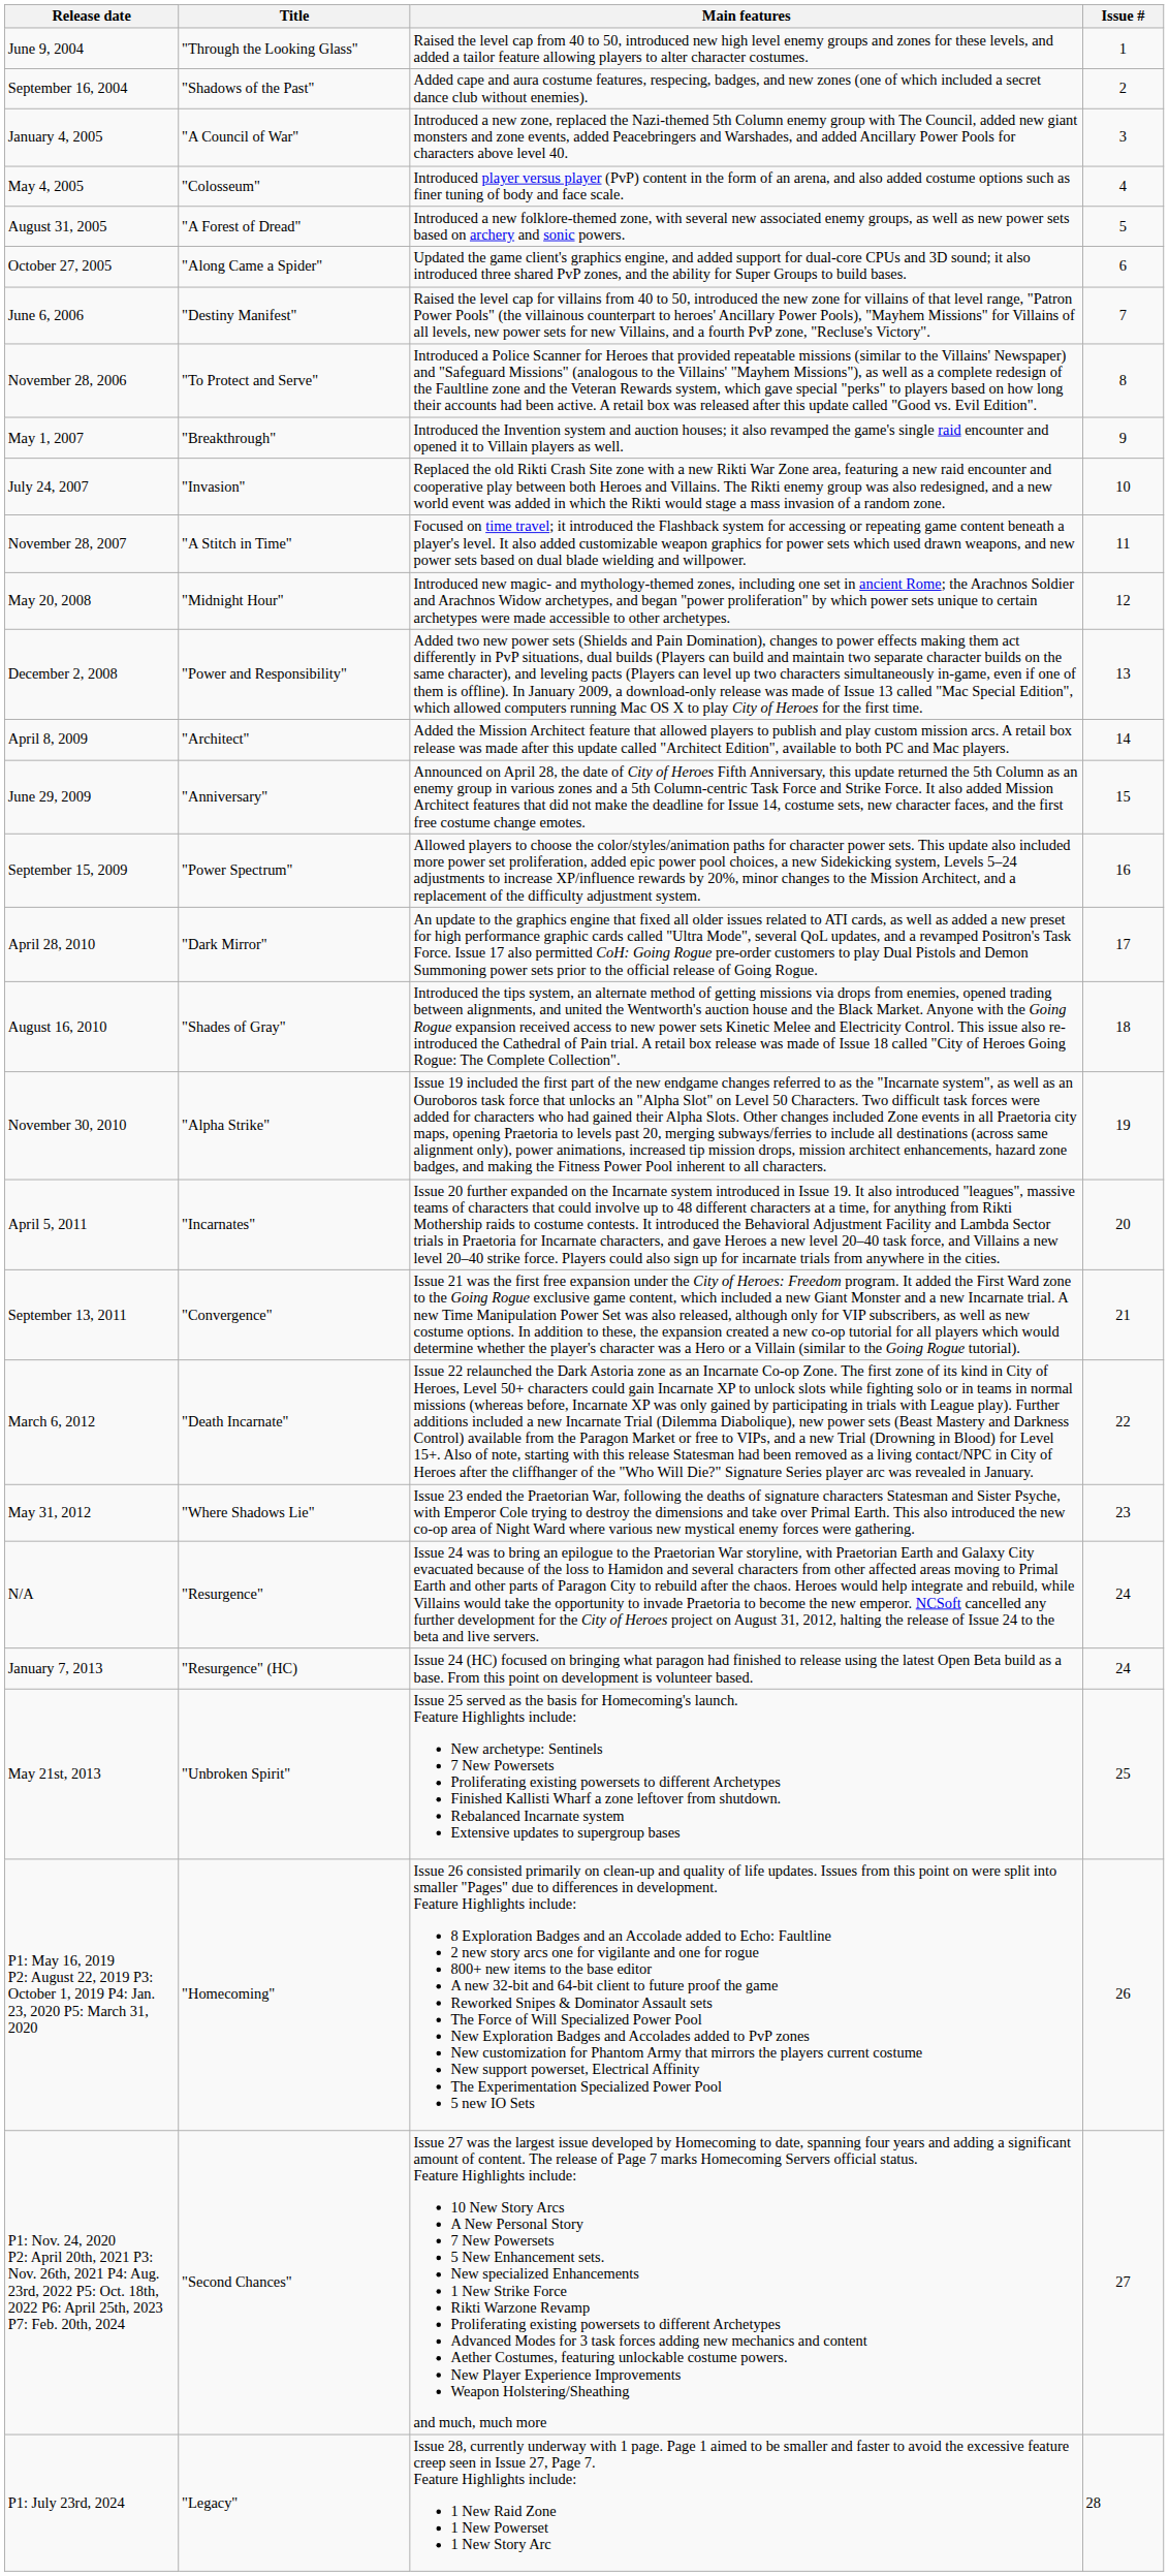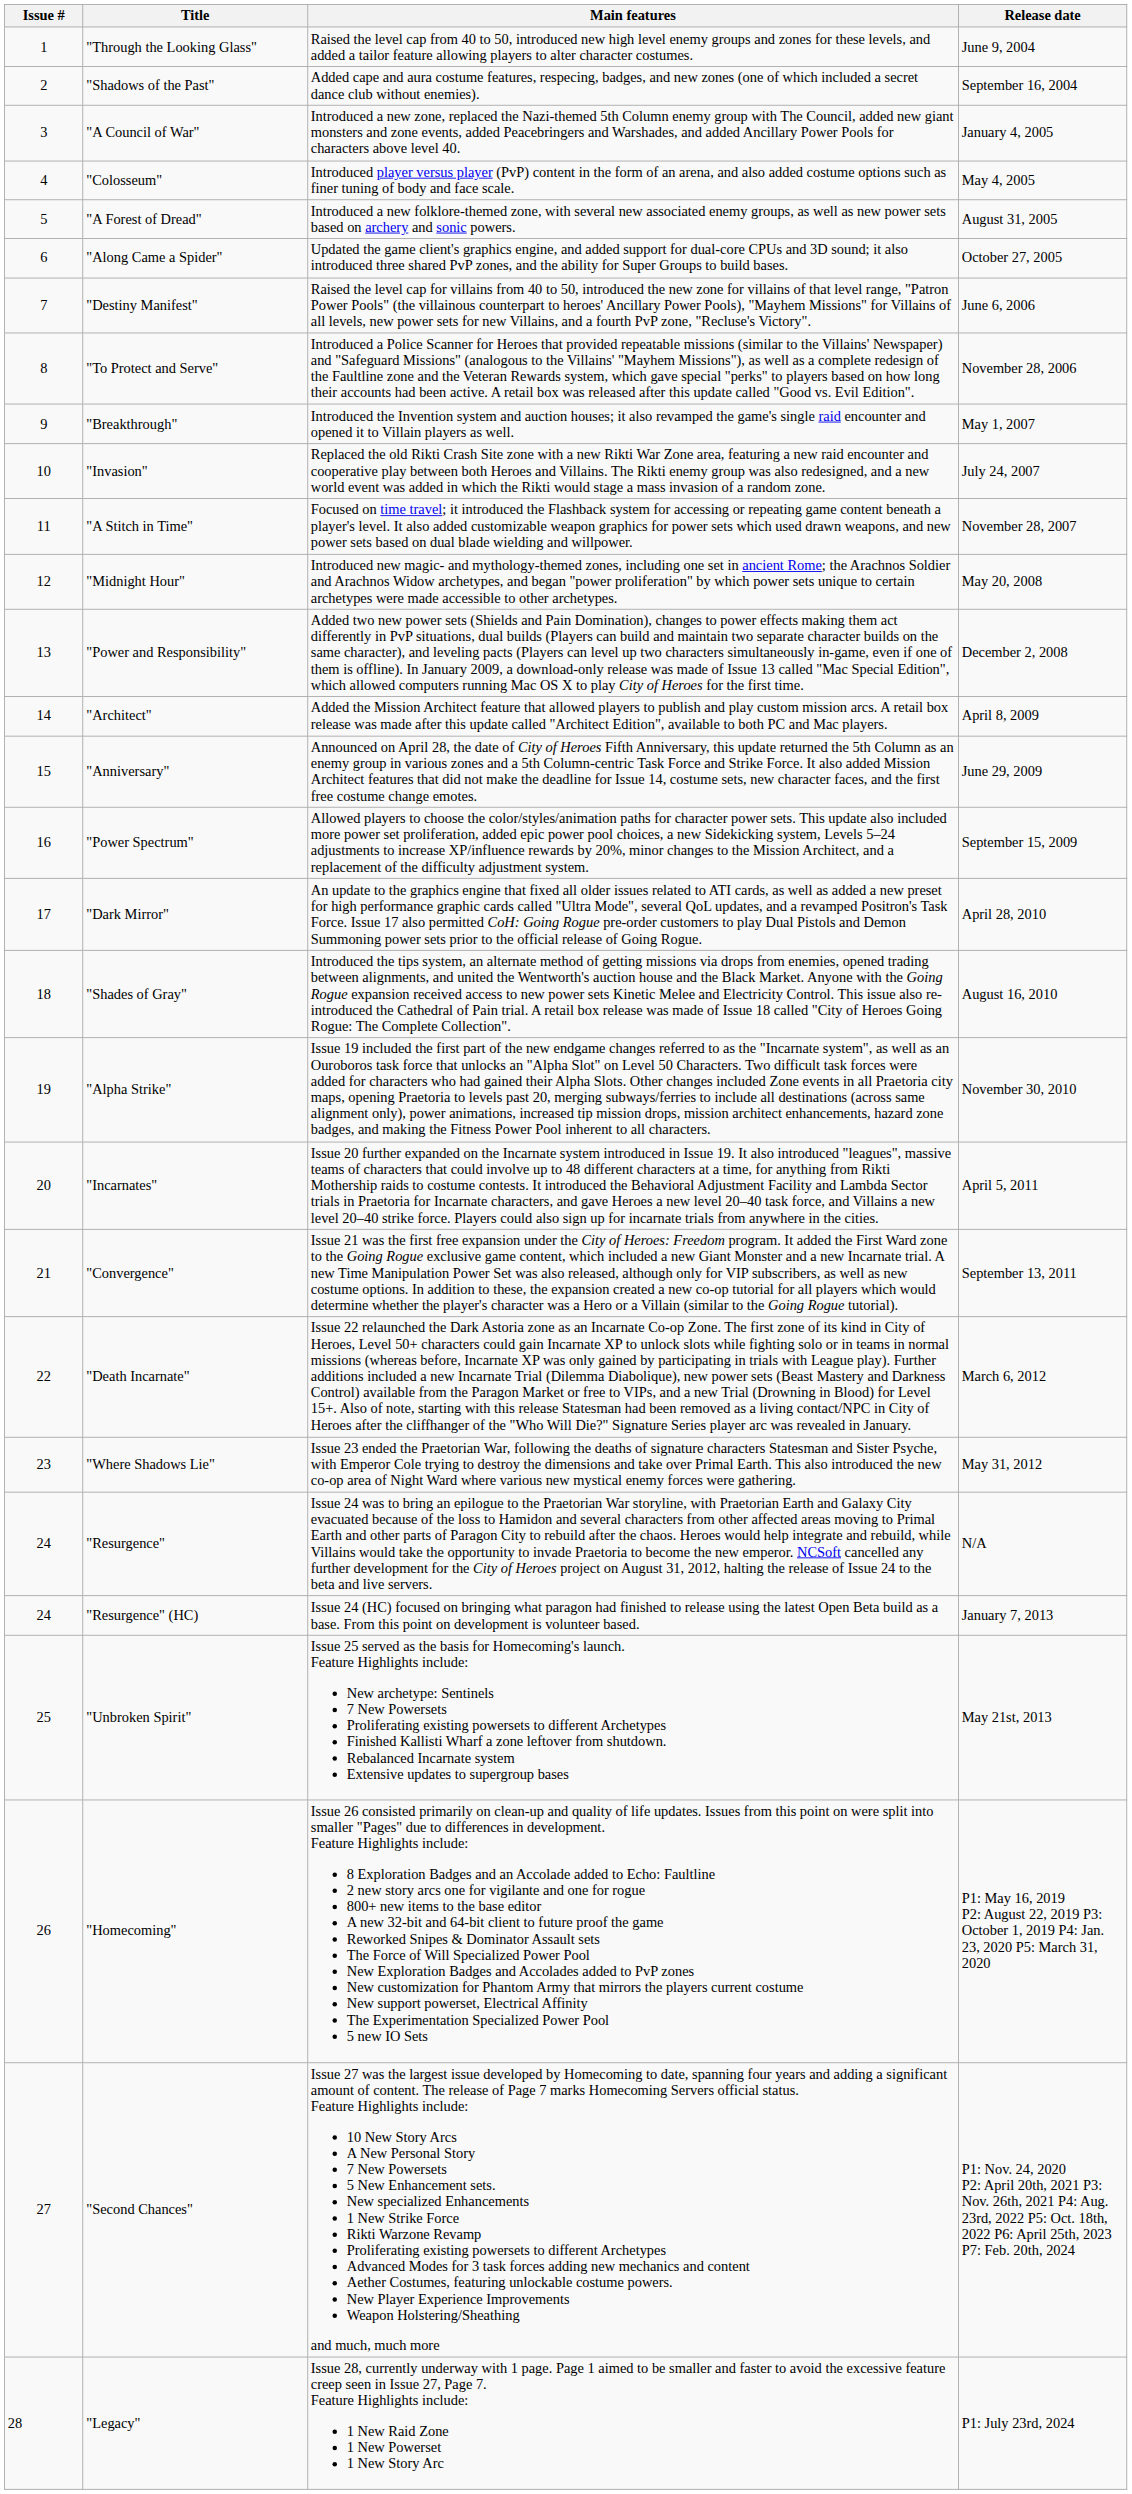 <table class="wikitable">
 <tr>
-<th style="width:15%;">Release date</th>
+<th style="width:7%;">Issue #</th>
 <th style="width:20%;">Title</th>
 <th>Main features</th>
-<th style="width:7%;">Issue #</th>
+<th style="width:15%;">Release date</th>
 </tr>
 <tr>
-<td>June 9, 2004</td>
+<td style="text-align:center;">1</td>
 <td>"Through the Looking Glass"</td>
 <td>Raised the level cap from 40 to 50, introduced new high level enemy groups and zones for these levels, and added a tailor feature allowing players to alter character costumes.</td>
-<td style="text-align:center;">1</td>
+<td>June 9, 2004</td>
 </tr>
 <tr>
-<td>September 16, 2004</td>
+<td style="text-align:center;">2</td>
 <td>"Shadows of the Past"</td>
 <td>Added cape and aura costume features, respecing, badges, and new zones (one of which included a secret dance club without enemies).</td>
-<td style="text-align:center;">2</td>
+<td>September 16, 2004</td>
 </tr>
 <tr>
-<td>January 4, 2005</td>
+<td style="text-align:center;">3</td>
 <td>"A Council of War"</td>
 <td>Introduced a new zone, replaced the Nazi-themed 5th Column enemy group with The Council, added new giant monsters and zone events, added Peacebringers and Warshades, and added Ancillary Power Pools for characters above level 40.</td>
-<td style="text-align:center;">3</td>
+<td>January 4, 2005</td>
 </tr>
 <tr>
-<td>May 4, 2005</td>
+<td style="text-align:center;">4</td>
 <td>"Colosseum"</td>
 <td>Introduced <a href='#'>player versus player</a> (PvP) content in the form of an arena, and also added costume options such as finer tuning of body and face scale.</td>
-<td style="text-align:center;">4</td>
+<td>May 4, 2005</td>
 </tr>
 <tr>
-<td>August 31, 2005</td>
+<td style="text-align:center;">5</td>
 <td>"A Forest of Dread"</td>
 <td>Introduced a new folklore-themed zone, with several new associated enemy groups, as well as new power sets based on <a href='#'>archery</a> and <a href='#'>sonic</a> powers.</td>
-<td style="text-align:center;">5</td>
+<td>August 31, 2005</td>
 </tr>
 <tr>
-<td>October 27, 2005</td>
+<td style="text-align:center;">6</td>
 <td>"Along Came a Spider"</td>
 <td>Updated the game client's graphics engine, and added support for dual-core CPUs and 3D sound; it also introduced three shared PvP zones, and the ability for Super Groups to build bases.</td>
-<td style="text-align:center;">6</td>
+<td>October 27, 2005</td>
 </tr>
 <tr>
-<td>June 6, 2006</td>
+<td style="text-align:center;">7</td>
 <td>"Destiny Manifest"</td>
 <td>Raised the level cap for villains from 40 to 50, introduced the new zone for villains of that level range, "Patron Power Pools" (the villainous counterpart to heroes' Ancillary Power Pools), "Mayhem Missions" for Villains of all levels, new power sets for new Villains, and a fourth PvP zone, "Recluse's Victory".</td>
-<td style="text-align:center;">7</td>
+<td>June 6, 2006</td>
 </tr>
 <tr>
-<td>November 28, 2006</td>
+<td style="text-align:center;">8</td>
 <td>"To Protect and Serve"</td>
 <td>Introduced a Police Scanner for Heroes that provided repeatable missions (similar to the Villains' Newspaper) and "Safeguard Missions" (analogous to the Villains' "Mayhem Missions"), as well as a complete redesign of the Faultline zone and the Veteran Rewards system, which gave special "perks" to players based on how long their accounts had been active. A retail box was released after this update called "Good vs. Evil Edition".</td>
-<td style="text-align:center;">8</td>
+<td>November 28, 2006</td>
 </tr>
 <tr>
-<td>May 1, 2007</td>
+<td style="text-align:center;">9</td>
 <td>"Breakthrough"</td>
 <td>Introduced the Invention system and auction houses; it also revamped the game's single <a href='#'>raid</a> encounter and opened it to Villain players as well.</td>
-<td style="text-align:center;">9</td>
+<td>May 1, 2007</td>
 </tr>
 <tr>
-<td>July 24, 2007</td>
+<td style="text-align:center;">10</td>
 <td>"Invasion"</td>
 <td>Replaced the old Rikti Crash Site zone with a new Rikti War Zone area, featuring a new raid encounter and cooperative play between both Heroes and Villains. The Rikti enemy group was also redesigned, and a new world event was added in which the Rikti would stage a mass invasion of a random zone.</td>
-<td style="text-align:center;">10</td>
+<td>July 24, 2007</td>
 </tr>
 <tr>
-<td>November 28, 2007</td>
+<td style="text-align:center;">11</td>
 <td>"A Stitch in Time"</td>
 <td>Focused on <a href='#'>time travel</a>; it introduced the Flashback system for accessing or repeating game content beneath a player's level. It also added customizable weapon graphics for power sets which used drawn weapons, and new power sets based on dual blade wielding and willpower.</td>
-<td style="text-align:center;">11</td>
+<td>November 28, 2007</td>
 </tr>
 <tr>
-<td>May 20, 2008</td>
+<td style="text-align:center;">12</td>
 <td>"Midnight Hour"</td>
 <td>Introduced new magic- and mythology-themed zones, including one set in <a href='#'>ancient Rome</a>; the Arachnos Soldier and Arachnos Widow archetypes, and began "power proliferation" by which power sets unique to certain archetypes were made accessible to other archetypes.</td>
-<td style="text-align:center;">12</td>
+<td>May 20, 2008</td>
 </tr>
 <tr>
-<td>December 2, 2008</td>
+<td style="text-align:center;">13</td>
 <td>"Power and Responsibility"</td>
 <td>Added two new power sets (Shields and Pain Domination), changes to power effects making them act differently in PvP situations, dual builds (Players can build and maintain two separate character builds on the same character), and leveling pacts (Players can level up two characters simultaneously in-game, even if one of them is offline). In January 2009, a download-only release was made of Issue 13 called "Mac Special Edition", which allowed computers running Mac OS X to play <em>City of Heroes</em> for the first time.</td>
-<td style="text-align:center;">13</td>
+<td>December 2, 2008</td>
 </tr>
 <tr>
-<td>April 8, 2009</td>
+<td style="text-align:center;">14</td>
 <td>"Architect"</td>
 <td>Added the Mission Architect feature that allowed players to publish and play custom mission arcs. A retail box release was made after this update called "Architect Edition", available to both PC and Mac players.</td>
-<td style="text-align:center;">14</td>
+<td>April 8, 2009</td>
 </tr>
 <tr>
-<td>June 29, 2009</td>
+<td style="text-align:center;">15</td>
 <td>"Anniversary"</td>
 <td>Announced on April 28, the date of <em>City of Heroes</em> Fifth Anniversary, this update returned the 5th Column as an enemy group in various zones and a 5th Column-centric Task Force and Strike Force. It also added Mission Architect features that did not make the deadline for Issue 14, costume sets, new character faces, and the first free costume change emotes.</td>
-<td style="text-align:center;">15</td>
+<td>June 29, 2009</td>
 </tr>
 <tr>
-<td>September 15, 2009</td>
+<td style="text-align:center;">16</td>
 <td>"Power Spectrum"</td>
 <td>Allowed players to choose the color/styles/animation paths for character power sets. This update also included more power set proliferation, added epic power pool choices, a new Sidekicking system, Levels 5–24 adjustments to increase XP/influence rewards by 20%, minor changes to the Mission Architect, and a replacement of the difficulty adjustment system.</td>
-<td style="text-align:center;">16</td>
+<td>September 15, 2009</td>
 </tr>
 <tr>
-<td>April 28, 2010</td>
+<td style="text-align:center;">17</td>
 <td>"Dark Mirror"</td>
 <td>An update to the graphics engine that fixed all older issues related to ATI cards, as well as added a new preset for high performance graphic cards called "Ultra Mode", several QoL updates, and a revamped Positron's Task Force. Issue 17 also permitted <em>CoH: Going Rogue</em> pre-order customers to play Dual Pistols and Demon Summoning power sets prior to the official release of Going Rogue.</td>
-<td style="text-align:center;">17</td>
+<td>April 28, 2010</td>
 </tr>
 <tr>
-<td>August 16, 2010</td>
+<td style="text-align:center;">18</td>
 <td>"Shades of Gray"</td>
 <td>Introduced the tips system, an alternate method of getting missions via drops from enemies, opened trading between alignments, and united the Wentworth's auction house and the Black Market. Anyone with the <em>Going Rogue</em> expansion received access to new power sets Kinetic Melee and Electricity Control. This issue also re-introduced the Cathedral of Pain trial.  A retail box release was made of Issue 18 called "City of Heroes Going Rogue: The Complete Collection".</td>
-<td style="text-align:center;">18</td>
+<td>August 16, 2010</td>
 </tr>
 <tr>
-<td>November 30, 2010</td>
+<td style="text-align:center;">19</td>
 <td>"Alpha Strike"</td>
 <td>Issue 19 included the first part of the new endgame changes referred to as the "Incarnate system", as well as an Ouroboros task force that unlocks an "Alpha Slot" on Level 50 Characters. Two difficult task forces were added for characters who had gained their Alpha Slots. Other changes included Zone events in all Praetoria city maps, opening Praetoria to levels past 20, merging subways/ferries to include all destinations (across same alignment only), power animations, increased tip mission drops, mission architect enhancements, hazard zone badges, and making the Fitness Power Pool inherent to all characters.</td>
-<td style="text-align:center;">19</td>
+<td>November 30, 2010</td>
 </tr>
 <tr>
-<td>April 5, 2011</td>
+<td style="text-align:center;">20</td>
 <td>"Incarnates"</td>
 <td>Issue 20 further expanded on the Incarnate system introduced in Issue 19. It also introduced "leagues", massive teams of characters that could involve up to 48 different characters at a time, for anything from Rikti Mothership raids to costume contests. It introduced the Behavioral Adjustment Facility and Lambda Sector trials in Praetoria for Incarnate characters, and gave Heroes a new level 20–40 task force, and Villains a new level 20–40 strike force. Players could also sign up for incarnate trials from anywhere in the cities.</td>
-<td style="text-align:center;">20</td>
+<td>April 5, 2011</td>
 </tr>
 <tr>
-<td>September 13, 2011</td>
+<td style="text-align:center;">21</td>
 <td>"Convergence"</td>
 <td>Issue 21 was the first free expansion under the <em>City of Heroes: Freedom</em> program. It added the First Ward zone to the <em>Going Rogue</em> exclusive game content, which included a new Giant Monster and a new Incarnate trial. A new Time Manipulation Power Set was also released, although only for VIP subscribers, as well as new costume options. In addition to these, the expansion created a new co-op tutorial for all players which would determine whether the player's character was a Hero or a Villain (similar to the <em>Going Rogue</em> tutorial).</td>
-<td style="text-align:center;">21</td>
+<td>September 13, 2011</td>
 </tr>
 <tr>
-<td>March 6, 2012</td>
+<td style="text-align:center;">22</td>
 <td>"Death Incarnate"</td>
 <td>Issue 22 relaunched the Dark Astoria zone as an Incarnate Co-op Zone. The first zone of its kind in City of Heroes, Level 50+ characters could gain Incarnate XP to unlock slots while fighting solo or in teams in normal missions (whereas before, Incarnate XP was only gained by participating in trials with League play). Further additions included a new Incarnate Trial (Dilemma Diabolique), new power sets (Beast Mastery and Darkness Control) available from the Paragon Market or free to VIPs, and a new Trial (Drowning in Blood) for Level 15+. Also of note, starting with this release Statesman had been removed as a living contact/NPC in City of Heroes after the cliffhanger of the "Who Will Die?" Signature Series player arc was revealed in January.</td>
-<td style="text-align:center;">22</td>
+<td>March 6, 2012</td>
 </tr>
 <tr>
-<td>May 31, 2012</td>
+<td style="text-align:center;">23</td>
 <td>"Where Shadows Lie"</td>
 <td>Issue 23 ended the Praetorian War, following the deaths of signature characters Statesman and Sister Psyche, with Emperor Cole trying to destroy the dimensions and take over Primal Earth. This also introduced the new co-op area of Night Ward where various new mystical enemy forces were gathering.</td>
-<td style="text-align:center;">23</td>
+<td>May 31, 2012</td>
 </tr>
 <tr>
-<td>N/A</td>
+<td style="text-align:center;">24</td>
 <td>"Resurgence"</td>
 <td>Issue 24 was to bring an epilogue to the Praetorian War storyline, with Praetorian Earth and Galaxy City evacuated because of the loss to Hamidon and several characters from other affected areas moving to Primal Earth and other parts of Paragon City to rebuild after the chaos. Heroes would help integrate and rebuild, while Villains would take the opportunity to invade Praetoria to become the new emperor. <a href='#'>NCSoft</a> cancelled any further development for the <em>City of Heroes</em> project on August 31, 2012, halting the release of Issue 24 to the beta and live servers.</td>
-<td style="text-align:center;">24</td>
+<td>N/A</td>
 </tr>
 <tr>
-<td>January 7, 2013</td>
+<td style="text-align:center;">24</td>
 <td>"Resurgence" (HC)</td>
 <td>Issue 24 (HC) focused on bringing what paragon had finished to release using the latest Open Beta build as a base. From this point on development is volunteer based.</td>
-<td style="text-align:center;">24</td>
+<td>January 7, 2013</td>
 </tr>
 <tr>
-<td>May 21st, 2013</td>
+<td style="text-align:center;">25</td>
 <td>"Unbroken Spirit"</td>
 <td>Issue 25 served as the basis for Homecoming's launch.<br>Feature Highlights include:<ul><li>New archetype: Sentinels</li><li>7 New Powersets</li><li>Proliferating existing powersets to different Archetypes</li><li>Finished Kallisti Wharf a zone leftover from shutdown.</li><li>Rebalanced Incarnate system</li><li>Extensive updates to supergroup bases</li></ul></td>
-<td style="text-align:center;">25</td>
+<td>May 21st, 2013</td>
 </tr>
 <tr>
-<td>P1: May 16, 2019<br>P2: August 22, 2019 P3: October 1, 2019 P4: Jan. 23, 2020 P5: March 31, 2020</td>
+<td style="text-align:center;">26</td>
 <td>"Homecoming"</td>
 <td>Issue 26 consisted primarily on clean-up and quality of life updates. Issues from this point on were split into smaller "Pages" due to differences in development.<br>Feature Highlights include:<ul><li>8 Exploration Badges and an Accolade added to Echo: Faultline</li><li>2 new story arcs one for vigilante and one for rogue</li><li>800+ new items to the base editor</li><li>A new 32-bit and 64-bit client to future proof the game</li><li>Reworked Snipes & Dominator Assault sets</li><li>The Force of Will Specialized Power Pool</li><li>New Exploration Badges and Accolades added to PvP zones</li><li>New customization for Phantom Army that mirrors the players current costume</li><li>New support powerset, Electrical Affinity</li><li>The Experimentation Specialized Power Pool</li><li>5 new IO Sets</li></ul></td>
-<td style="text-align:center;">26</td>
+<td>P1: May 16, 2019<br>P2: August 22, 2019 P3: October 1, 2019 P4: Jan. 23, 2020 P5: March 31, 2020</td>
 </tr>
 <tr>
-<td>P1: Nov. 24, 2020<br>P2: April 20th, 2021 P3: Nov. 26th, 2021 P4: Aug. 23rd, 2022 P5: Oct. 18th, 2022 P6: April 25th, 2023 P7: Feb. 20th, 2024</td>
+<td style="text-align:center;">27</td>
 <td>"Second Chances"</td>
 <td>Issue 27 was the largest issue developed by Homecoming to date, spanning four years and adding a significant amount of content. The release of Page 7 marks Homecoming Servers official status.<br>Feature Highlights include:<ul><li>10 New Story Arcs</li><li>A New Personal Story</li><li>7 New Powersets</li><li>5 New Enhancement sets.</li><li>New specialized Enhancements</li><li>1 New Strike Force</li><li>Rikti Warzone Revamp</li><li>Proliferating existing powersets to different Archetypes</li><li>Advanced Modes for 3 task forces adding new mechanics and content</li><li>Aether Costumes, featuring unlockable costume powers.</li><li>New Player Experience Improvements</li><li>Weapon Holstering/Sheathing</li></ul>and much, much more</td>
-<td style="text-align:center;">27</td>
+<td>P1: Nov. 24, 2020<br>P2: April 20th, 2021 P3: Nov. 26th, 2021 P4: Aug. 23rd, 2022 P5: Oct. 18th, 2022 P6: April 25th, 2023 P7: Feb. 20th, 2024</td>
 </tr>
 <tr>
-<td>P1: July 23rd, 2024</td>
+<td>28</td>
 <td>"Legacy"</td>
 <td>Issue 28, currently underway with 1 page. Page 1 aimed to be smaller and faster to avoid the excessive feature creep seen in Issue 27, Page 7.<br>Feature Highlights include:<ul><li>1 New Raid Zone</li><li>1 New Powerset</li><li>1 New Story Arc</li></ul></td>
-<td>28</td>
+<td>P1: July 23rd, 2024</td>
 </tr>
 </table>
